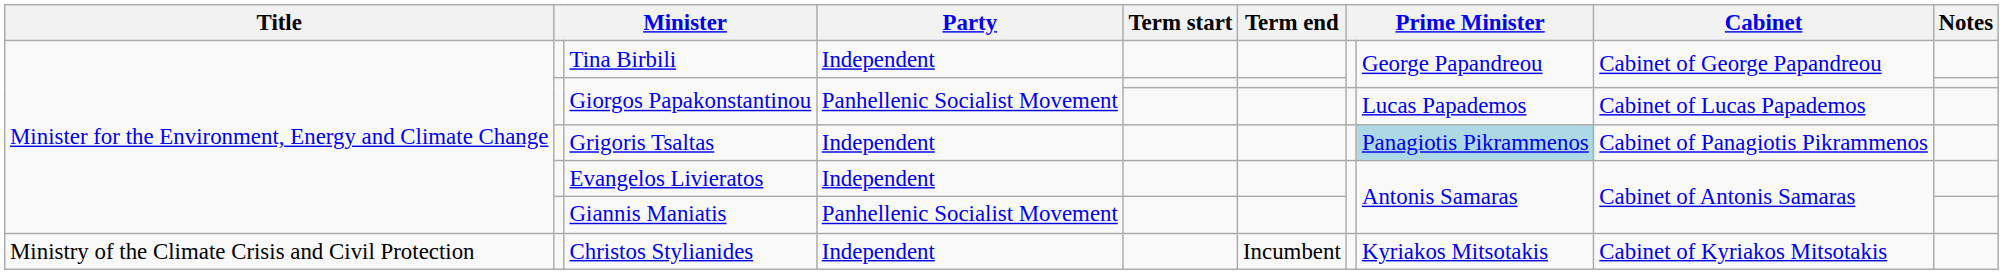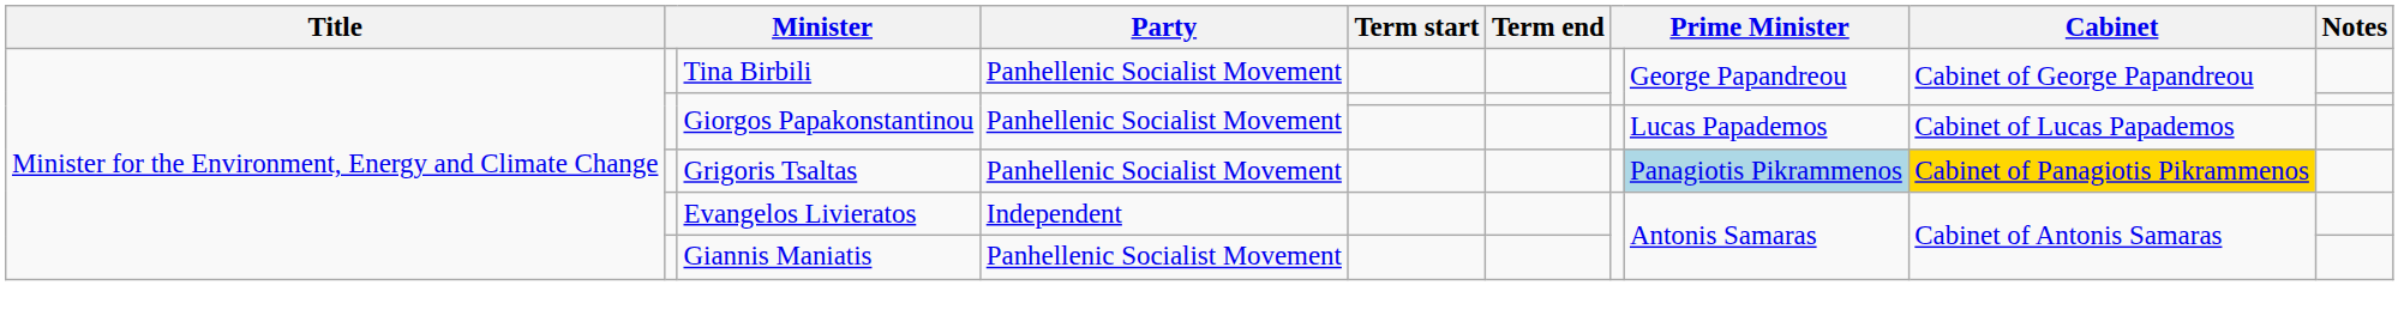 <table class="wikitable sortable">
 <tr>
 <th>Title</th>
 <th colspan=2><a href='#'>Minister</a></th>
 <th><a href='#'>Party</a></th>
 <th>Term start</th>
 <th>Term end</th>
 <th colspan=2><a href='#'>Prime Minister</a></th>
 <th><a href='#'>Cabinet</a></th>
 <th class="unsortable">Notes</th>
 </tr>
 <tr>
 <td rowspan=6><a href='#'>Minister for the Environment, Energy and Climate Change</a></td>
 <td style="color:inherit;background:"></td>
 <td><a href='#'>Tina Birbili</a></td>
-<td><a href='#'>Independent</a></td>
+<td><a href='#'>Panhellenic Socialist Movement</a></td>
 <td></td>
 <td></td>
 <td rowspan=2 bgcolor=></td>
 <td rowspan=2><a href='#'>George Papandreou</a></td>
 <td rowspan=2><a href='#'>Cabinet of George Papandreou</a></td>
 <td></td>
 </tr>
 <tr>
 <td rowspan=2 bgcolor=></td>
 <td rowspan=2><a href='#'>Giorgos Papakonstantinou</a></td>
 <td rowspan=2><a href='#'>Panhellenic Socialist Movement</a></td>
 <td></td>
 <td></td>
 <td></td>
 </tr>
 <tr>
 <td></td>
 <td></td>
 <td style="color:inherit;background:"></td>
 <td><a href='#'>Lucas Papademos</a></td>
 <td><a href='#'>Cabinet of Lucas Papademos</a></td>
 <td></td>
 </tr>
 <tr>
 <td style="color:inherit;background:"></td>
 <td><a href='#'>Grigoris Tsaltas</a></td>
-<td><a href='#'>Independent</a></td>
+<td><a href='#'>Panhellenic Socialist Movement</a></td>
 <td></td>
 <td></td>
 <td style="color:inherit;background:"></td>
 <td style="background: lightblue;"><a href='#'>Panagiotis Pikrammenos</a></td>
-<td><a href='#'>Cabinet of Panagiotis Pikrammenos</a></td>
+<td style="background: gold;"><a href='#'>Cabinet of Panagiotis Pikrammenos</a></td>
 <td></td>
 </tr>
 <tr>
 <td style="color:inherit;background:"></td>
 <td><a href='#'>Evangelos Livieratos</a></td>
 <td><a href='#'>Independent</a></td>
 <td></td>
 <td></td>
 <td rowspan=2 bgcolor=></td>
 <td rowspan=2><a href='#'>Antonis Samaras</a></td>
 <td rowspan=2><a href='#'>Cabinet of Antonis Samaras</a></td>
 <td></td>
 </tr>
 <tr>
 <td style="color:inherit;background:"></td>
 <td><a href='#'>Giannis Maniatis</a></td>
 <td><a href='#'>Panhellenic Socialist Movement</a></td>
 <td></td>
 <td></td>
 <td></td>
 </tr>
-<tr>
-<td>Ministry of the Climate Crisis and Civil Protection</td>
-<td style="color:inherit;background:"></td>
-<td><a href='#'>Christos Stylianides</a></td>
-<td><a href='#'>Independent</a></td>
-<td></td>
-<td>Incumbent</td>
-<td style="color:inherit;background:"></td>
-<td><a href='#'>Kyriakos Mitsotakis</a></td>
-<td><a href='#'>Cabinet of Kyriakos Mitsotakis</a></td>
-<td></td>
-</tr>
 </table>
